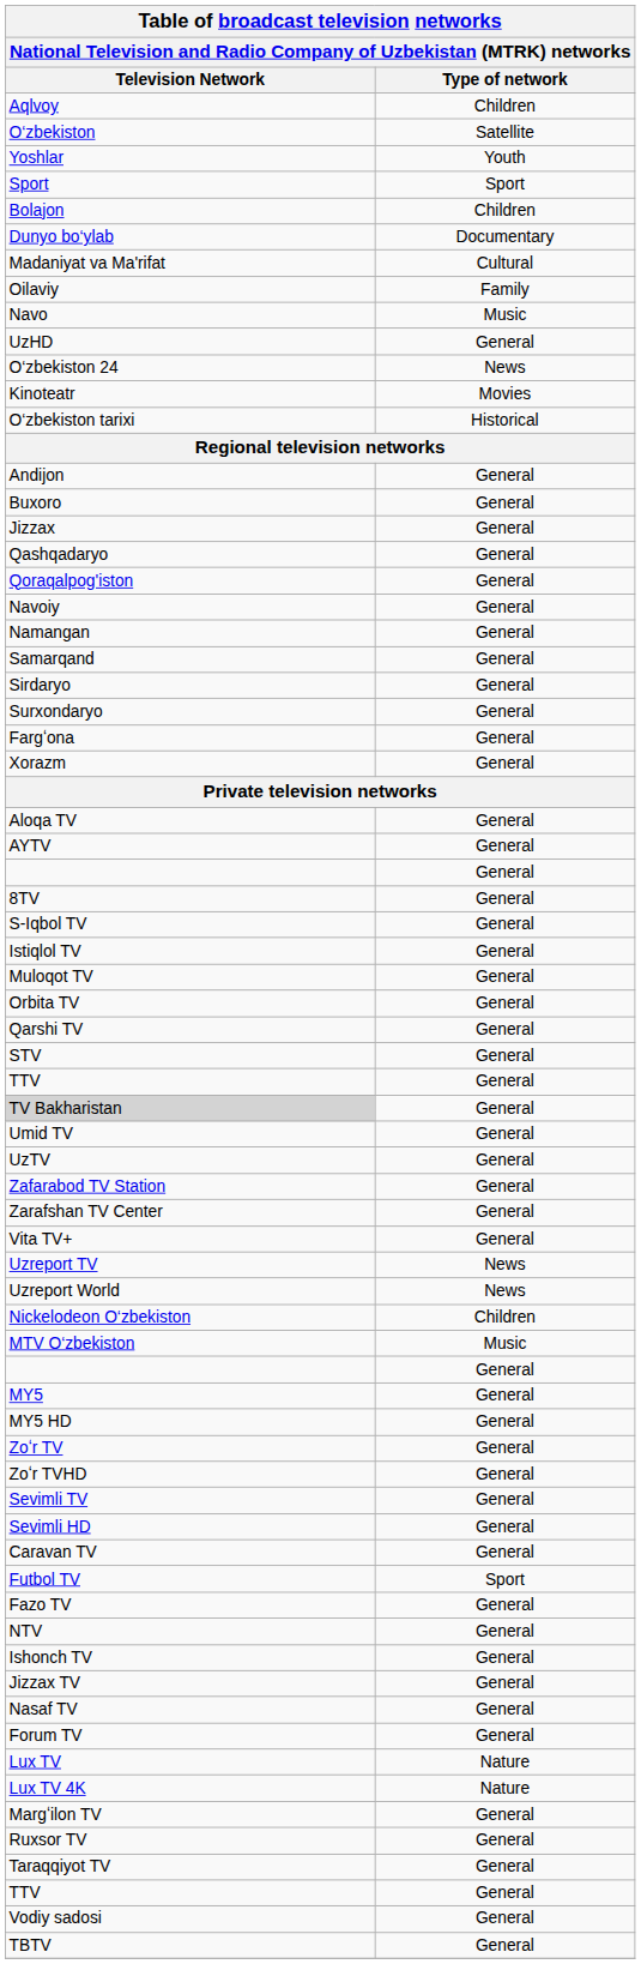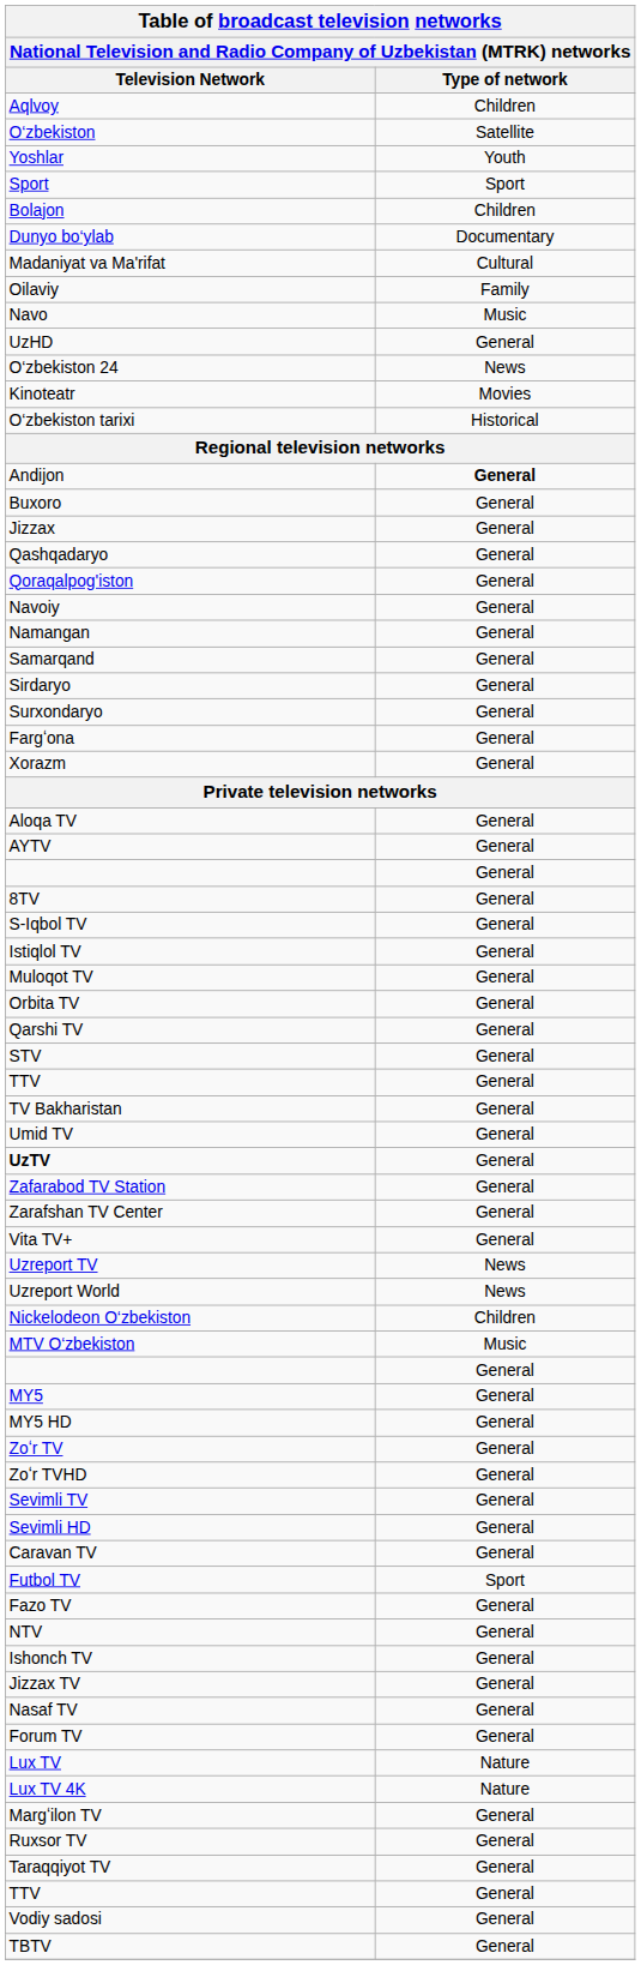 <table class="wikitable" style="text-align:center">
 <tr>
 <th colspan="5" style="font-size:120%">Table of <a href='#'>broadcast television</a> <a href='#'>networks</a></th>
 </tr>
 <tr>
 <th colspan="5" style="font-size:110%"><a href='#'>National Television and Radio Company of Uzbekistan</a> (MTRK) networks</th>
 </tr>
 <tr>
 <th>Television Network</th>
 <th>Type of network</th>
 </tr>
 <tr>
 <td style="text-align:left"><a href='#'>Aqlvoy</a></td>
 <td>Children</td>
 </tr>
 <tr>
 <td style="text-align:left"><a href='#'>O‘zbekiston</a></td>
 <td>Satellite</td>
 </tr>
 <tr>
 <td style="text-align:left"><a href='#'>Yoshlar</a></td>
 <td>Youth</td>
 </tr>
 <tr>
 <td style="text-align:left"><a href='#'>Sport</a></td>
 <td>Sport</td>
 </tr>
 <tr>
 <td style="text-align:left"><a href='#'>Bolajon</a></td>
 <td>Children</td>
 </tr>
 <tr>
 <td style="text-align:left"><a href='#'>Dunyo bo‘ylab</a></td>
 <td>Documentary</td>
 </tr>
 <tr>
 <td style="text-align:left">Madaniyat va Ma'rifat</td>
 <td>Cultural</td>
 </tr>
 <tr>
 <td style="text-align:left">Oilaviy</td>
 <td>Family</td>
 </tr>
 <tr>
 <td style="text-align:left">Navo</td>
 <td>Music</td>
 </tr>
 <tr>
 <td style="text-align:left">UzHD</td>
 <td>General</td>
 </tr>
 <tr>
 <td style="text-align:left">O‘zbekiston 24</td>
 <td>News</td>
 </tr>
 <tr>
 <td style="text-align:left">Kinoteatr</td>
 <td>Movies</td>
 </tr>
 <tr>
 <td style="text-align:left">O‘zbekiston tarixi</td>
 <td>Historical</td>
 </tr>
 <tr>
 <th colspan="5" style="font-size:110%">Regional television networks</th>
 </tr>
 <tr>
 <td style="text-align:left">Andijon</td>
-<td>General</td>
+<td><strong>General</strong></td>
 </tr>
 <tr>
 <td style="text-align:left">Buxoro</td>
 <td>General</td>
 </tr>
 <tr>
 <td style="text-align:left">Jizzax</td>
 <td>General</td>
 </tr>
 <tr>
 <td style="text-align:left">Qashqadaryo</td>
 <td>General</td>
 </tr>
 <tr>
 <td style="text-align:left"><a href='#'>Qoraqalpog'iston</a></td>
 <td>General</td>
 </tr>
 <tr>
 <td style="text-align:left">Navoiy</td>
 <td>General</td>
 </tr>
 <tr>
 <td style="text-align:left">Namangan</td>
 <td>General</td>
 </tr>
 <tr>
 <td style="text-align:left">Samarqand</td>
 <td>General</td>
 </tr>
 <tr>
 <td style="text-align:left">Sirdaryo</td>
 <td>General</td>
 </tr>
 <tr>
 <td style="text-align:left">Surxondaryo</td>
 <td>General</td>
 </tr>
 <tr>
 <td style="text-align:left">Fargʻona</td>
 <td>General</td>
 </tr>
 <tr>
 <td style="text-align:left">Xorazm</td>
 <td>General</td>
 </tr>
 <tr>
 <th colspan="5" style="font-size:110%">Private television networks</th>
 </tr>
 <tr>
 <td style="text-align:left">Aloqa TV</td>
 <td>General</td>
 </tr>
 <tr>
 <td style="text-align:left">AYTV</td>
 <td>General</td>
 </tr>
 <tr>
 <td style="text-align:left"></td>
 <td>General</td>
 </tr>
 <tr>
 <td style="text-align:left">8TV</td>
 <td>General</td>
 </tr>
 <tr>
 <td style="text-align:left">S-Iqbol TV</td>
 <td>General</td>
 </tr>
 <tr>
 <td style="text-align:left">Istiqlol TV</td>
 <td>General</td>
 </tr>
 <tr>
 <td style="text-align:left">Muloqot TV</td>
 <td>General</td>
 </tr>
 <tr>
 <td style="text-align:left">Orbita TV</td>
 <td>General</td>
 </tr>
 <tr>
 <td style="text-align:left">Qarshi TV</td>
 <td>General</td>
 </tr>
 <tr>
 <td style="text-align:left">STV</td>
 <td>General</td>
 </tr>
 <tr>
 <td style="text-align:left">TTV</td>
 <td>General</td>
 </tr>
 <tr>
-<td style="background: lightgrey; text-align:left">TV Bakharistan</td>
+<td style="text-align:left">TV Bakharistan</td>
 <td>General</td>
 </tr>
 <tr>
 <td style="text-align:left">Umid TV</td>
 <td>General</td>
 </tr>
 <tr>
-<td style="text-align:left">UzTV</td>
+<td style="text-align:left"><strong>UzTV</strong></td>
 <td>General</td>
 </tr>
 <tr>
 <td style="text-align:left"><a href='#'>Zafarabod TV Station</a></td>
 <td>General</td>
 </tr>
 <tr>
 <td style="text-align:left">Zarafshan TV Center</td>
 <td>General</td>
 </tr>
 <tr>
 <td style="text-align:left">Vita TV+</td>
 <td>General</td>
 </tr>
 <tr>
 <td style="text-align:left"><a href='#'>Uzreport TV</a></td>
 <td>News</td>
 </tr>
 <tr>
 <td style="text-align:left">Uzreport World</td>
 <td>News</td>
 </tr>
 <tr>
 <td style="text-align:left"><a href='#'>Nickelodeon O‘zbekiston</a></td>
 <td>Children</td>
 </tr>
 <tr>
 <td style="text-align:left"><a href='#'>MTV O‘zbekiston</a></td>
 <td>Music</td>
 </tr>
 <tr>
 <td style="text-align:left"></td>
 <td>General</td>
 </tr>
 <tr>
 <td style="text-align:left"><a href='#'>MY5</a></td>
 <td>General</td>
 </tr>
 <tr>
 <td style="text-align:left">MY5 HD</td>
 <td>General</td>
 </tr>
 <tr>
 <td style="text-align:left"><a href='#'>Zoʻr TV</a></td>
 <td>General</td>
 </tr>
 <tr>
 <td style="text-align:left">Zoʻr TVHD</td>
 <td>General</td>
 </tr>
 <tr>
 <td style="text-align:left"><a href='#'>Sevimli TV</a></td>
 <td>General</td>
 </tr>
 <tr>
 <td style="text-align:left"><a href='#'>Sevimli HD</a></td>
 <td>General</td>
 </tr>
 <tr>
 <td style="text-align:left">Caravan TV</td>
 <td>General</td>
 </tr>
 <tr>
 <td style="text-align:left"><a href='#'>Futbol TV</a></td>
 <td>Sport</td>
 </tr>
 <tr>
 <td style="text-align:left">Fazo TV</td>
 <td>General</td>
 </tr>
 <tr>
 <td style="text-align:left">NTV</td>
 <td>General</td>
 </tr>
 <tr>
 <td style="text-align:left">Ishonch TV</td>
 <td>General</td>
 </tr>
 <tr>
 <td style="text-align:left">Jizzax TV</td>
 <td>General</td>
 </tr>
 <tr>
 <td style="text-align:left">Nasaf TV</td>
 <td>General</td>
 </tr>
 <tr>
 <td style="text-align:left">Forum TV</td>
 <td>General</td>
 </tr>
 <tr>
 <td style="text-align:left"><a href='#'>Lux TV</a></td>
 <td>Nature</td>
 </tr>
 <tr>
 <td style="text-align:left"><a href='#'>Lux TV 4K</a></td>
 <td>Nature</td>
 </tr>
 <tr>
 <td style="text-align:left">Margʻilon TV</td>
 <td>General</td>
 </tr>
 <tr>
 <td style="text-align:left">Ruxsor TV</td>
 <td>General</td>
 </tr>
 <tr>
 <td style="text-align:left">Taraqqiyot TV</td>
 <td>General</td>
 </tr>
 <tr>
 <td style="text-align:left">TTV</td>
 <td>General</td>
 </tr>
 <tr>
 <td style="text-align:left">Vodiy sadosi</td>
 <td>General</td>
 </tr>
 <tr>
 <td style="text-align:left">TBTV</td>
 <td>General</td>
 </tr>
 <tr>
 </tr>
 </table>
